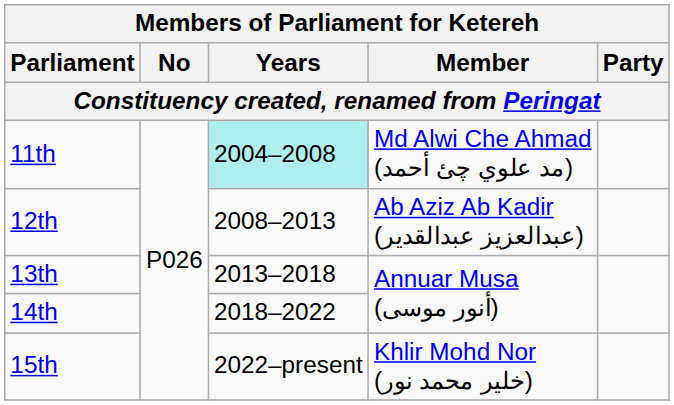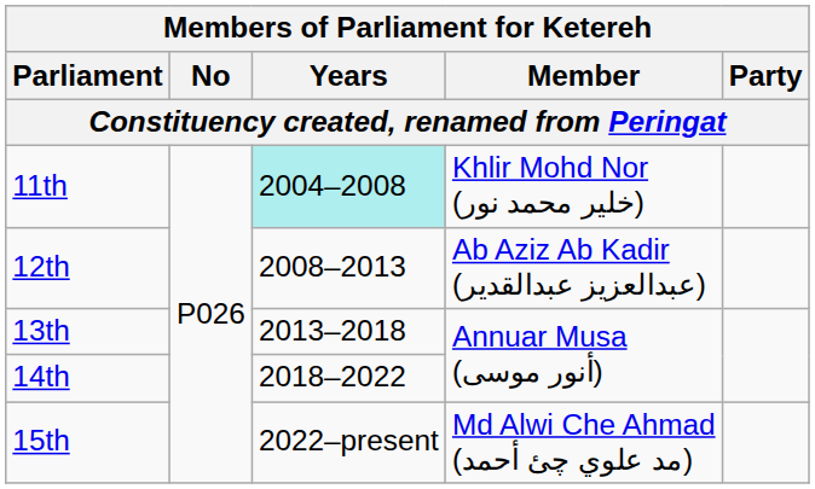 <table class=wikitable>
 <tr>
 <th colspan="5">Members of Parliament for Ketereh</th>
 </tr>
 <tr>
 <th>Parliament</th>
 <th>No</th>
 <th>Years</th>
 <th>Member</th>
 <th>Party</th>
 </tr>
 <tr>
 <th colspan="5" align="center"><em>Constituency created, renamed from <a href='#'>Peringat</a></em></th>
 </tr>
 <tr>
 <td><a href='#'>11th</a></td>
 <td rowspan="5">P026</td>
 <td style="background: paleturquoise;">2004–2008</td>
-<td><a href='#'>Md Alwi Che Ahmad</a> <br>  (مد علوي چئ أحمد)</td>
+<td><a href='#'>Khlir Mohd Nor</a> <br>  (خلير محمد نور)</td>
 <td></td>
 </tr>
 <tr>
 <td><a href='#'>12th</a></td>
 <td>2008–2013</td>
 <td><a href='#'>Ab Aziz Ab Kadir</a> <br>  (عبدالعزيز عبدالقدير)</td>
 <td></td>
 </tr>
 <tr>
 <td><a href='#'>13th</a></td>
 <td>2013–2018</td>
 <td rowspan="2"><a href='#'>Annuar Musa</a> <br>  (أنور موسى)</td>
 <td rowspan="2"></td>
 </tr>
 <tr>
 <td><a href='#'>14th</a></td>
 <td>2018–2022</td>
 </tr>
 <tr>
 <td><a href='#'>15th</a></td>
 <td>2022–present</td>
-<td><a href='#'>Khlir Mohd Nor</a> <br>  (خلير محمد نور)</td>
+<td><a href='#'>Md Alwi Che Ahmad</a> <br>  (مد علوي چئ أحمد)</td>
 <td></td>
 </tr>
 </table>
